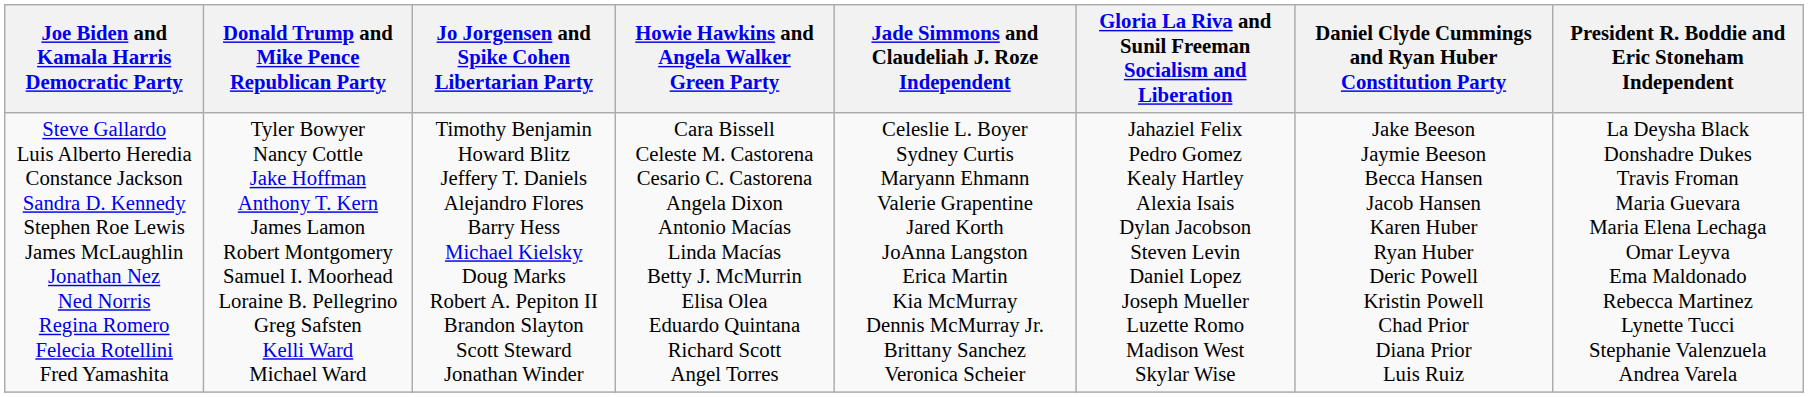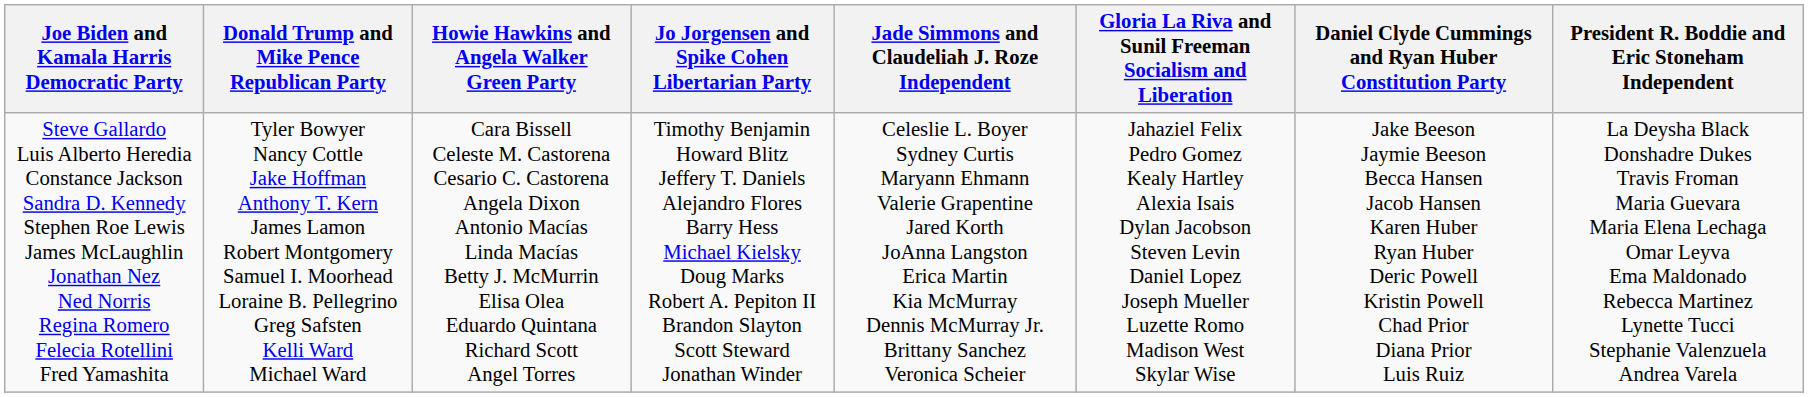 <table class="wikitable" style="font-size:90%;text-align:center;">
 <tr>
 <th><a href='#'>Joe Biden</a> and <a href='#'>Kamala Harris</a><br><a href='#'>Democratic Party</a></th>
 <th><a href='#'>Donald Trump</a> and <a href='#'>Mike Pence</a><br><a href='#'>Republican Party</a></th>
+<th><a href='#'>Howie Hawkins</a> and <a href='#'>Angela Walker</a><br><a href='#'>Green Party</a></th>
 <th><a href='#'>Jo Jorgensen</a> and <a href='#'>Spike Cohen</a><br><a href='#'>Libertarian Party</a></th>
-<th><a href='#'>Howie Hawkins</a> and <a href='#'>Angela Walker</a><br><a href='#'>Green Party</a></th>
 <th><a href='#'>Jade Simmons</a> and Claudeliah J. Roze<br><a href='#'>Independent</a></th>
 <th><a href='#'>Gloria La Riva</a> and Sunil Freeman<br><a href='#'>Socialism and Liberation</a></th>
 <th>Daniel Clyde Cummings and Ryan Huber<br><a href='#'>Constitution Party</a></th>
 <th>President R. Boddie and Eric Stoneham<br>Independent</th>
 </tr>
 <tr>
 <td><a href='#'>Steve Gallardo</a><br>Luis Alberto Heredia<br>Constance Jackson<br><a href='#'>Sandra D. Kennedy</a><br>Stephen Roe Lewis<br>James McLaughlin<br><a href='#'>Jonathan Nez</a><br><a href='#'>Ned Norris</a><br><a href='#'>Regina Romero</a><br><a href='#'>Felecia Rotellini</a><br>Fred Yamashita</td>
 <td>Tyler Bowyer<br>Nancy Cottle<br><a href='#'>Jake Hoffman</a><br><a href='#'>Anthony T. Kern</a><br>James Lamon<br>Robert Montgomery<br>Samuel I. Moorhead<br>Loraine B. Pellegrino<br>Greg Safsten<br><a href='#'>Kelli Ward</a><br>Michael Ward</td>
+<td>Cara Bissell<br>Celeste M. Castorena<br>Cesario C. Castorena<br>Angela Dixon<br>Antonio Macías<br>Linda Macías<br>Betty J. McMurrin<br>Elisa Olea<br>Eduardo Quintana<br>Richard Scott<br>Angel Torres</td>
 <td>Timothy Benjamin<br>Howard Blitz<br>Jeffery T. Daniels<br>Alejandro Flores<br>Barry Hess<br><a href='#'>Michael Kielsky</a><br>Doug Marks<br>Robert A. Pepiton II<br>Brandon Slayton<br>Scott Steward<br>Jonathan Winder</td>
-<td>Cara Bissell<br>Celeste M. Castorena<br>Cesario C. Castorena<br>Angela Dixon<br>Antonio Macías<br>Linda Macías<br>Betty J. McMurrin<br>Elisa Olea<br>Eduardo Quintana<br>Richard Scott<br>Angel Torres</td>
 <td>Celeslie L. Boyer<br>Sydney Curtis<br>Maryann Ehmann<br>Valerie Grapentine<br>Jared Korth<br>JoAnna Langston<br>Erica Martin<br>Kia McMurray<br>Dennis McMurray Jr.<br>Brittany Sanchez<br>Veronica Scheier</td>
 <td>Jahaziel Felix<br>Pedro Gomez<br>Kealy Hartley<br>Alexia Isais<br>Dylan Jacobson<br>Steven Levin<br>Daniel Lopez<br>Joseph Mueller<br>Luzette Romo<br>Madison West<br>Skylar Wise</td>
 <td>Jake Beeson<br>Jaymie Beeson<br>Becca Hansen<br>Jacob Hansen<br>Karen Huber<br>Ryan Huber<br>Deric Powell<br>Kristin Powell<br>Chad Prior<br>Diana Prior<br>Luis Ruiz</td>
 <td>La Deysha Black<br>Donshadre Dukes<br>Travis Froman<br>Maria Guevara<br>Maria Elena Lechaga<br>Omar Leyva<br>Ema Maldonado<br>Rebecca Martinez<br>Lynette Tucci<br>Stephanie Valenzuela<br>Andrea Varela</td>
 </tr>
 </table>
